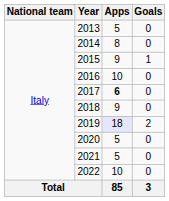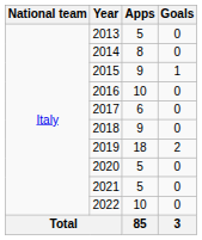 <table class="wikitable" style="text-align:center">
 <tr>
 <th>National team</th>
 <th>Year</th>
 <th>Apps</th>
 <th>Goals</th>
 </tr>
 <tr>
 <td rowspan="10"><a href='#'>Italy</a></td>
 <td>2013</td>
 <td>5</td>
 <td>0</td>
 </tr>
 <tr>
 <td>2014</td>
 <td>8</td>
 <td>0</td>
 </tr>
 <tr>
 <td>2015</td>
 <td>9</td>
 <td>1</td>
 </tr>
 <tr>
 <td>2016</td>
 <td>10</td>
 <td>0</td>
 </tr>
 <tr>
 <td>2017</td>
-<td><strong>6</strong></td>
+<td>6</td>
 <td>0</td>
 </tr>
 <tr>
 <td>2018</td>
 <td>9</td>
 <td>0</td>
 </tr>
 <tr>
 <td>2019</td>
-<td style="background: lavender;">18</td>
+<td>18</td>
 <td>2</td>
 </tr>
 <tr>
 <td>2020</td>
 <td>5</td>
 <td>0</td>
 </tr>
 <tr>
 <td>2021</td>
 <td>5</td>
 <td>0</td>
 </tr>
 <tr>
 <td>2022</td>
 <td>10</td>
 <td>0</td>
 </tr>
 <tr>
 <th colspan="2">Total</th>
 <th>85</th>
 <th>3</th>
 </tr>
 </table>
